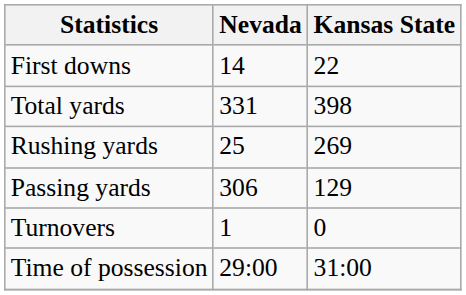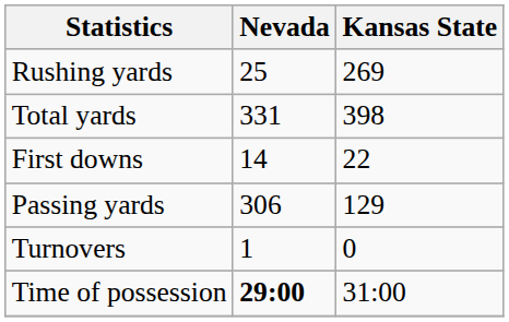 <table class="wikitable">
 <tr>
 <th>Statistics</th>
 <th>Nevada</th>
 <th>Kansas State</th>
 </tr>
 <tr>
-<td>First downs</td>
-<td>14</td>
-<td>22</td>
+<td>Rushing yards</td>
+<td>25</td>
+<td>269</td>
 </tr>
 <tr>
 <td>Total yards</td>
 <td>331</td>
 <td>398</td>
 </tr>
 <tr>
-<td>Rushing yards</td>
-<td>25</td>
-<td>269</td>
+<td>First downs</td>
+<td>14</td>
+<td>22</td>
 </tr>
 <tr>
 <td>Passing yards</td>
 <td>306</td>
 <td>129</td>
 </tr>
 <tr>
 <td>Turnovers</td>
 <td>1</td>
 <td>0</td>
 </tr>
 <tr>
 <td>Time of possession</td>
-<td>29:00</td>
+<td><strong>29:00</strong></td>
 <td>31:00</td>
 </tr>
 <tr>
 </tr>
 </table>
